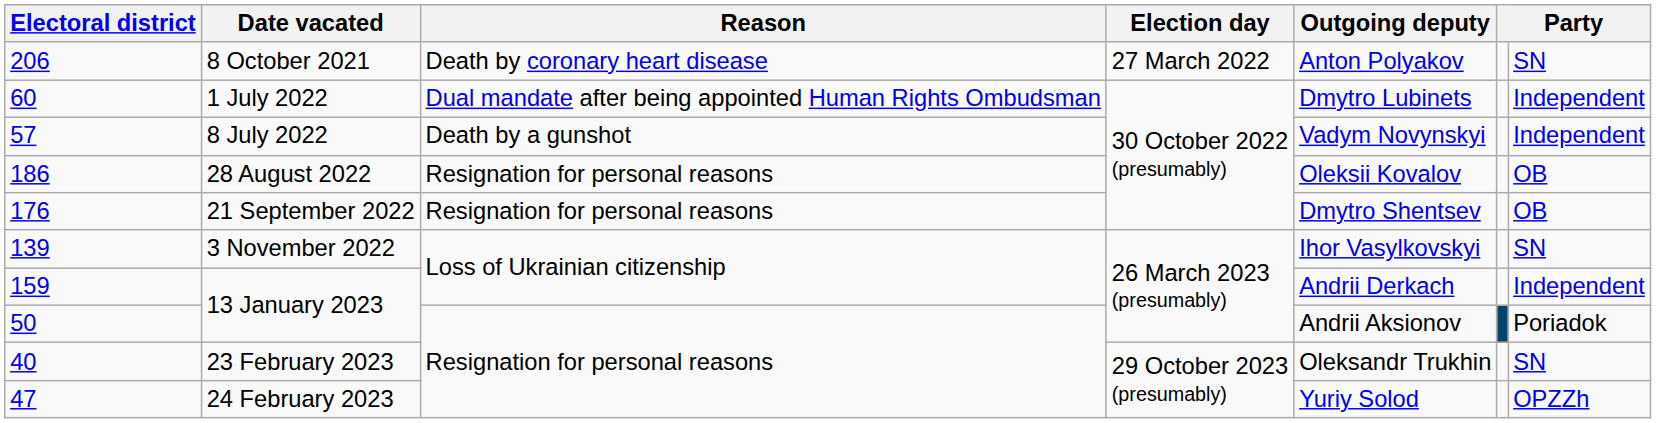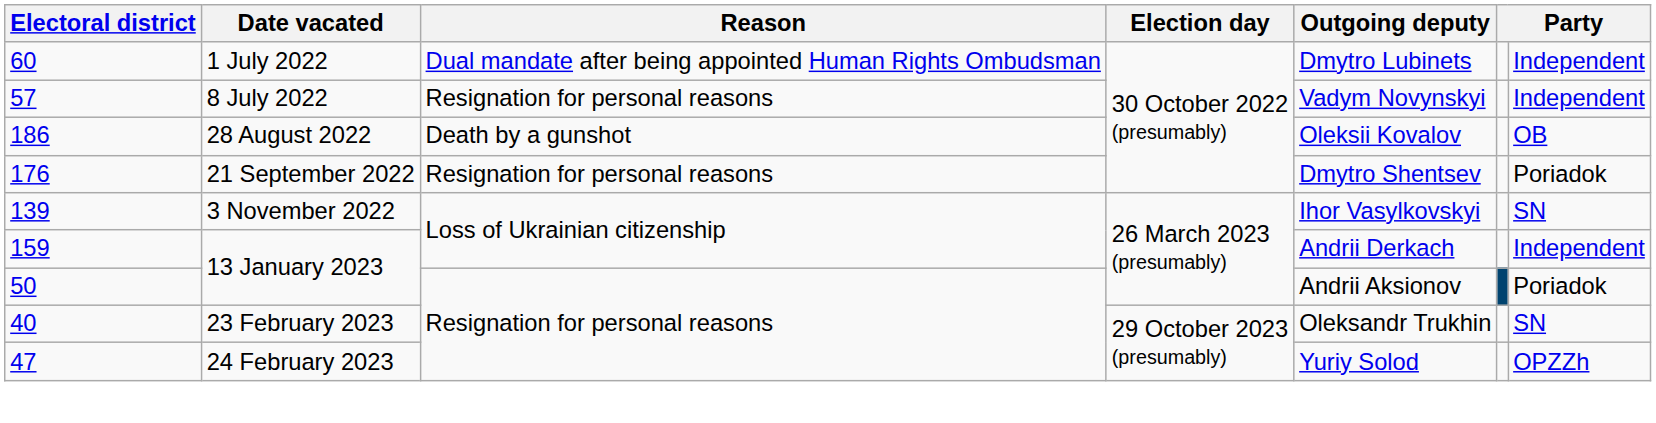 <table class="wikitable">
 <tr>
 <th><a href='#'>Electoral district</a></th>
 <th>Date vacated</th>
 <th>Reason</th>
 <th>Election day</th>
 <th>Outgoing deputy</th>
 <th colspan="2">Party</th>
-</tr>
-<tr>
-<td><a href='#'>206</a></td>
-<td>8 October 2021</td>
-<td>Death by <a href='#'>coronary heart disease</a></td>
-<td>27 March 2022</td>
-<td><a href='#'>Anton Polyakov</a></td>
-<td style="background:"></td>
-<td><a href='#'>SN</a></td>
 </tr>
 <tr>
 <td><a href='#'>60</a></td>
 <td>1 July 2022</td>
 <td><a href='#'>Dual mandate</a> after being appointed <a href='#'>Human Rights Ombudsman</a></td>
 <td rowspan="4">30 October 2022<br><small>(presumably)</small></td>
 <td><a href='#'>Dmytro Lubinets</a></td>
 <td style="background:"></td>
 <td><a href='#'>Independent</a></td>
 </tr>
 <tr>
 <td><a href='#'>57</a></td>
 <td>8 July 2022</td>
-<td>Death by a gunshot</td>
+<td>Resignation for personal reasons</td>
 <td><a href='#'>Vadym Novynskyi</a></td>
 <td style="background:"></td>
 <td><a href='#'>Independent</a></td>
 </tr>
 <tr>
 <td><a href='#'>186</a></td>
 <td>28 August 2022</td>
-<td>Resignation for personal reasons</td>
+<td>Death by a gunshot</td>
 <td><a href='#'>Oleksii Kovalov</a></td>
 <td style="background:"></td>
 <td><a href='#'>OB</a></td>
 </tr>
 <tr>
 <td><a href='#'>176</a></td>
 <td>21 September 2022</td>
 <td>Resignation for personal reasons</td>
 <td><a href='#'>Dmytro Shentsev</a></td>
 <td style="background:"></td>
-<td><a href='#'>OB</a></td>
+<td>Poriadok</td>
 </tr>
 <tr>
 <td><a href='#'>139</a></td>
 <td>3 November 2022</td>
 <td rowspan="2">Loss of Ukrainian citizenship</td>
 <td rowspan="3">26 March 2023<br><small>(presumably)</small></td>
 <td><a href='#'>Ihor Vasylkovskyi</a></td>
 <td style="background:"></td>
 <td><a href='#'>SN</a></td>
 </tr>
 <tr>
 <td><a href='#'>159</a></td>
 <td rowspan="2">13 January 2023</td>
 <td><a href='#'>Andrii Derkach</a></td>
 <td style="background:"></td>
 <td><a href='#'>Independent</a></td>
 </tr>
 <tr>
 <td><a href='#'>50</a></td>
 <td rowspan="3">Resignation for personal reasons</td>
 <td>Andrii Aksionov</td>
 <td style="background:#00436F;"></td>
 <td>Poriadok</td>
 </tr>
 <tr>
 <td><a href='#'>40</a></td>
 <td>23 February 2023</td>
 <td rowspan="2">29 October 2023<br><small>(presumably)</small></td>
 <td>Oleksandr Trukhin</td>
 <td style="background:"></td>
 <td><a href='#'>SN</a></td>
 </tr>
 <tr>
 <td><a href='#'>47</a></td>
 <td>24 February 2023</td>
 <td><a href='#'>Yuriy Solod</a></td>
 <td style="background:"></td>
 <td><a href='#'>OPZZh</a></td>
 </tr>
 </table>
